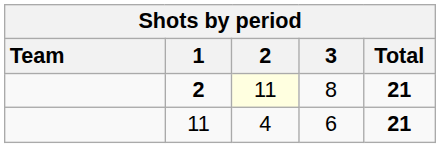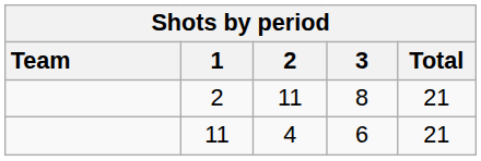 <table class="wikitable" style="width:20em;">
 <tr>
 <th colspan="6">Shots by period</th>
 </tr>
 <tr>
 <th style="width:8em; text-align:left;">Team</th>
 <th style="width:3em;">1</th>
 <th style="width:3em;">2</th>
 <th style="width:3em;">3</th>
 <th style="width:3em;">Total</th>
 </tr>
 <tr style="text-align:center;">
 <td style="text-align:left;"></td>
-<td><strong>2</strong></td>
-<td style="background: lightyellow;">11</td>
+<td>2</td>
+<td>11</td>
 <td>8</td>
-<td><strong>21</strong></td>
+<td>21</td>
 </tr>
 <tr style="text-align:center;">
 <td style="text-align:left;"></td>
 <td>11</td>
 <td>4</td>
 <td>6</td>
-<td><strong>21</strong></td>
+<td>21</td>
 </tr>
 </table>
